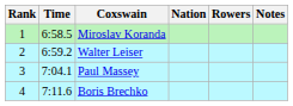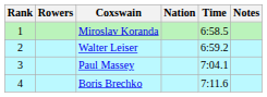 <table class="wikitable sortable" style="text-align:center">
 <tr>
 <th>Rank</th>
-<th>Time</th>
+<th>Rowers</th>
 <th>Coxswain</th>
 <th>Nation</th>
-<th>Rowers</th>
+<th>Time</th>
 <th>Notes</th>
 </tr>
 <tr bgcolor=bbf3bb>
 <td>1</td>
-<td>6:58.5</td>
+<td align=left></td>
 <td align=left><a href='#'>Miroslav Koranda</a></td>
 <td align=left></td>
-<td align=left></td>
+<td>6:58.5</td>
 <td></td>
 </tr>
 <tr bgcolor=bbf9ff>
 <td>2</td>
-<td>6:59.2</td>
+<td align=left></td>
 <td align=left><a href='#'>Walter Leiser</a></td>
 <td align=left></td>
-<td align=left></td>
+<td>6:59.2</td>
 <td></td>
 </tr>
 <tr bgcolor=bbf9ff>
 <td>3</td>
-<td>7:04.1</td>
+<td align=left></td>
 <td align=left><a href='#'>Paul Massey</a></td>
 <td align=left></td>
-<td align=left></td>
+<td>7:04.1</td>
 <td></td>
 </tr>
 <tr bgcolor=bbf9ff>
 <td>4</td>
-<td>7:11.6</td>
+<td align=left></td>
 <td align=left><a href='#'>Boris Brechko</a></td>
 <td align=left></td>
-<td align=left></td>
+<td>7:11.6</td>
 <td></td>
 </tr>
 </table>
